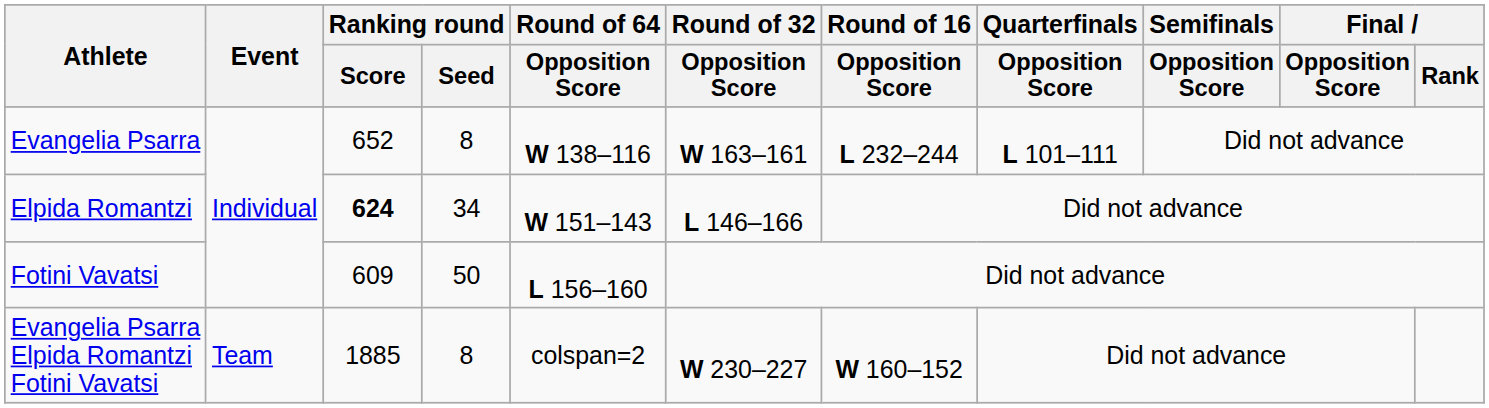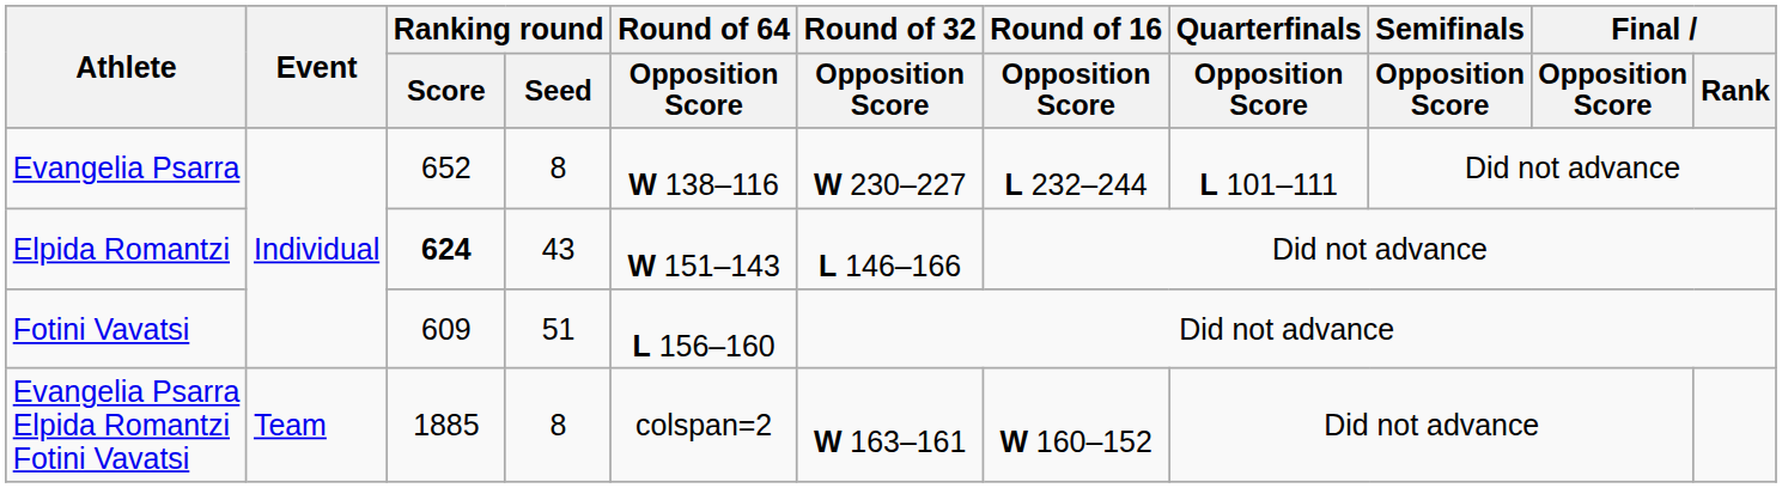 <table class="wikitable" style="font-size:90%">
 <tr>
 <th rowspan="2">Athlete</th>
 <th rowspan="2">Event</th>
 <th colspan="2">Ranking round</th>
 <th>Round of 64</th>
 <th>Round of 32</th>
 <th>Round of 16</th>
 <th>Quarterfinals</th>
 <th>Semifinals</th>
 <th colspan="2">Final / </th>
 </tr>
 <tr style="font-size:95%">
 <th>Score</th>
 <th>Seed</th>
 <th>Opposition<br>Score</th>
 <th>Opposition<br>Score</th>
 <th>Opposition<br>Score</th>
 <th>Opposition<br>Score</th>
 <th>Opposition<br>Score</th>
 <th>Opposition<br>Score</th>
 <th>Rank</th>
 </tr>
 <tr align=center>
 <td align=left><a href='#'>Evangelia Psarra</a></td>
 <td align=left rowspan=3><a href='#'>Individual</a></td>
 <td>652</td>
 <td>8</td>
 <td><br><strong>W</strong> 138–116</td>
-<td><br><strong>W</strong> 163–161</td>
+<td><br><strong>W</strong> 230–227</td>
 <td><br><strong>L</strong> 232–244</td>
 <td><br><strong>L</strong> 101–111</td>
 <td colspan=3>Did not advance</td>
 </tr>
 <tr align=center>
 <td align=left><a href='#'>Elpida Romantzi</a></td>
 <td><strong>624</strong></td>
-<td>34</td>
+<td>43</td>
 <td><br><strong>W</strong> 151–143</td>
 <td><br><strong>L</strong> 146–166</td>
 <td colspan=5>Did not advance</td>
 </tr>
 <tr align=center>
 <td align=left><a href='#'>Fotini Vavatsi</a></td>
 <td>609</td>
-<td>50</td>
+<td>51</td>
 <td><br><strong>L</strong> 156–160</td>
 <td colspan=6>Did not advance</td>
 </tr>
 <tr align=center>
 <td align=left><a href='#'>Evangelia Psarra</a><br><a href='#'>Elpida Romantzi</a><br><a href='#'>Fotini Vavatsi</a></td>
 <td align=left><a href='#'>Team</a></td>
 <td>1885</td>
 <td>8</td>
 <td>colspan=2 </td>
-<td><br><strong>W</strong> 230–227</td>
+<td><br><strong>W</strong> 163–161</td>
 <td><br><strong>W</strong> 160–152</td>
 <td colspan=3>Did not advance</td>
 </tr>
 </table>
